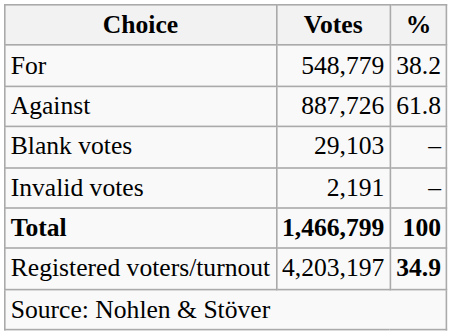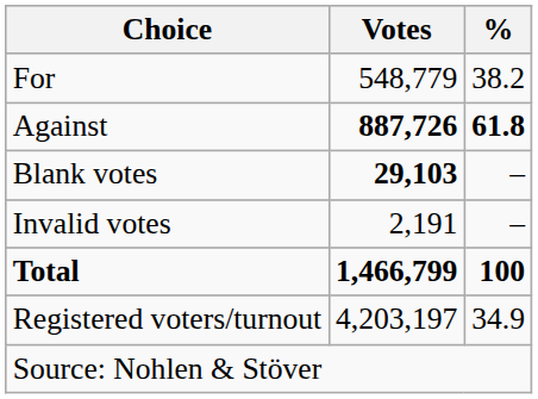 <table class=wikitable style=text-align:right>
 <tr>
 <th>Choice</th>
 <th>Votes</th>
 <th>%</th>
 </tr>
 <tr>
 <td align=left>For</td>
 <td>548,779</td>
 <td>38.2</td>
 </tr>
 <tr>
 <td align=left>Against</td>
-<td>887,726</td>
-<td>61.8</td>
+<td><strong>887,726</strong></td>
+<td><strong>61.8</strong></td>
 </tr>
 <tr>
 <td align=left>Blank votes</td>
-<td>29,103</td>
+<td><strong>29,103</strong></td>
 <td>–</td>
 </tr>
 <tr>
 <td align=left>Invalid votes</td>
 <td>2,191</td>
 <td>–</td>
 </tr>
 <tr>
 <td align=left><strong>Total</strong></td>
 <td><strong>1,466,799</strong></td>
 <td><strong>100</strong></td>
 </tr>
 <tr>
 <td align=left>Registered voters/turnout</td>
 <td>4,203,197</td>
-<td><strong>34.9</strong></td>
+<td>34.9</td>
 </tr>
 <tr>
 <td align=left colspan=3>Source: Nohlen & Stöver</td>
 </tr>
 </table>
